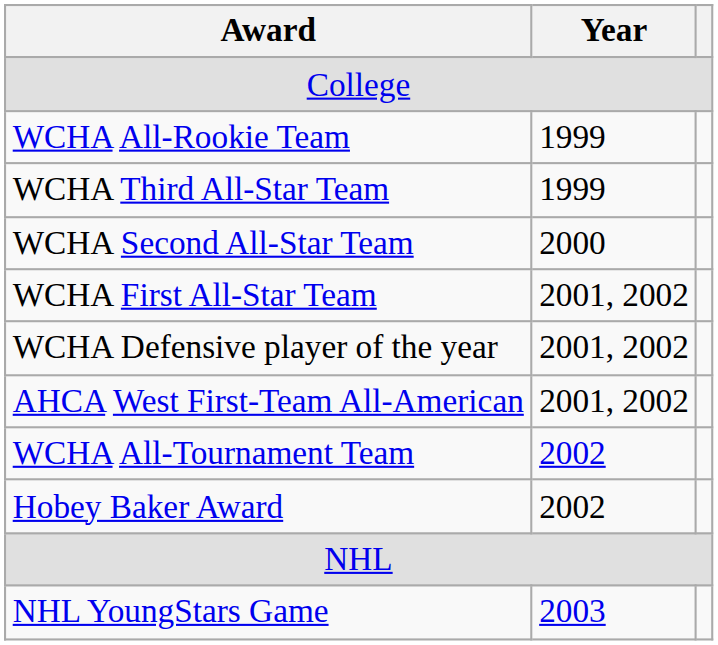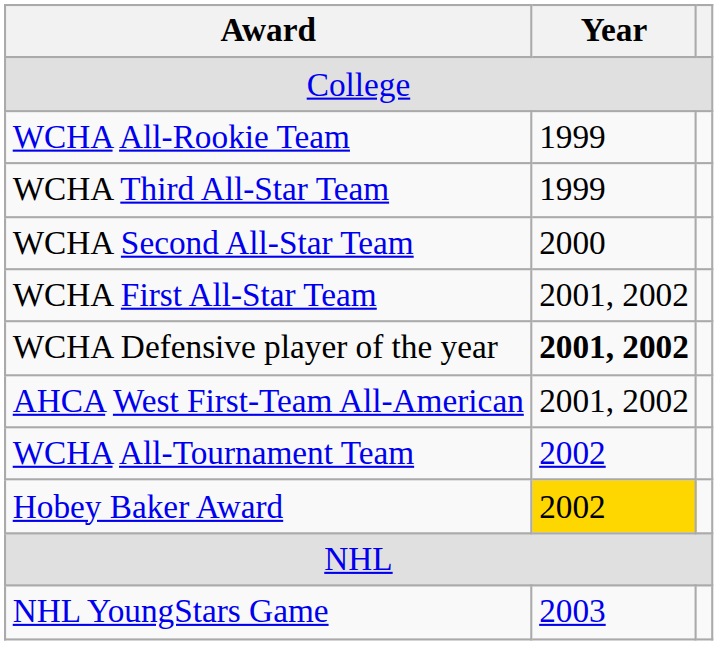 <table class="wikitable">
 <tr>
 <th>Award</th>
 <th>Year</th>
 <th></th>
 </tr>
 <tr ALIGN="center" bgcolor="#e0e0e0">
 <td colspan="3"><a href='#'>College</a></td>
 </tr>
 <tr>
 <td><a href='#'>WCHA</a> <a href='#'>All-Rookie Team</a></td>
 <td>1999</td>
 <td></td>
 </tr>
 <tr>
 <td>WCHA <a href='#'>Third All-Star Team</a></td>
 <td>1999</td>
 <td></td>
 </tr>
 <tr>
 <td>WCHA <a href='#'>Second All-Star Team</a></td>
 <td>2000</td>
 <td></td>
 </tr>
 <tr>
 <td>WCHA <a href='#'>First All-Star Team</a></td>
 <td>2001, 2002</td>
 <td></td>
 </tr>
 <tr>
 <td>WCHA Defensive player of the year</td>
-<td>2001, 2002</td>
+<td><strong>2001, 2002</strong></td>
 <td></td>
 </tr>
 <tr>
 <td><a href='#'>AHCA</a> <a href='#'>West First-Team All-American</a></td>
 <td>2001, 2002</td>
 <td></td>
 </tr>
 <tr>
 <td><a href='#'>WCHA</a> <a href='#'>All-Tournament Team</a></td>
 <td><a href='#'>2002</a></td>
 <td></td>
 </tr>
 <tr>
 <td><a href='#'>Hobey Baker Award</a></td>
-<td>2002</td>
+<td style="background: gold;">2002</td>
 <td></td>
 </tr>
 <tr ALIGN="center" bgcolor="#e0e0e0">
 <td colspan="3"><a href='#'>NHL</a></td>
 </tr>
 <tr>
 <td><a href='#'>NHL YoungStars Game</a></td>
 <td><a href='#'>2003</a></td>
 <td></td>
 </tr>
 </table>
